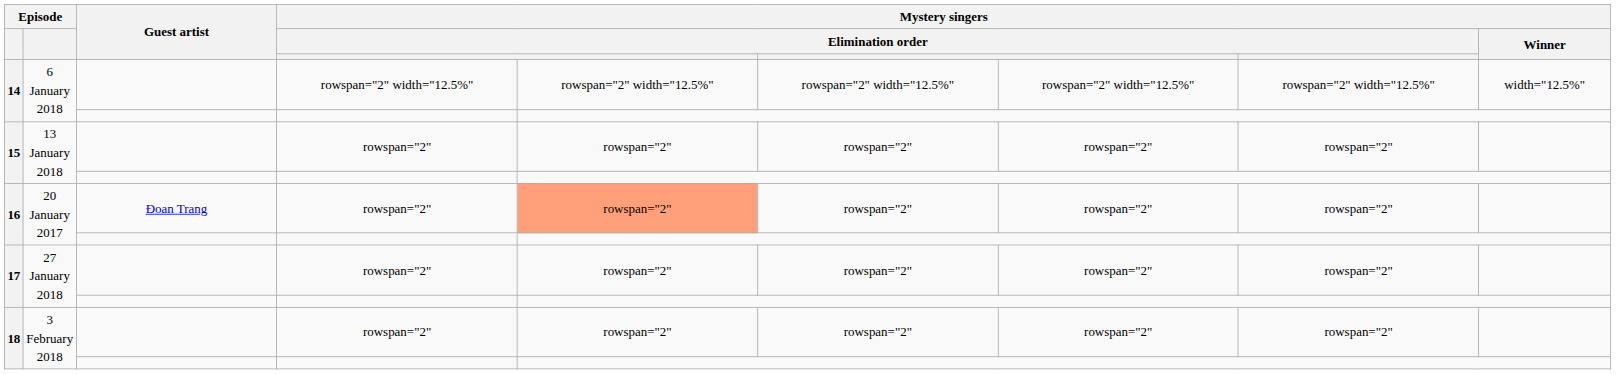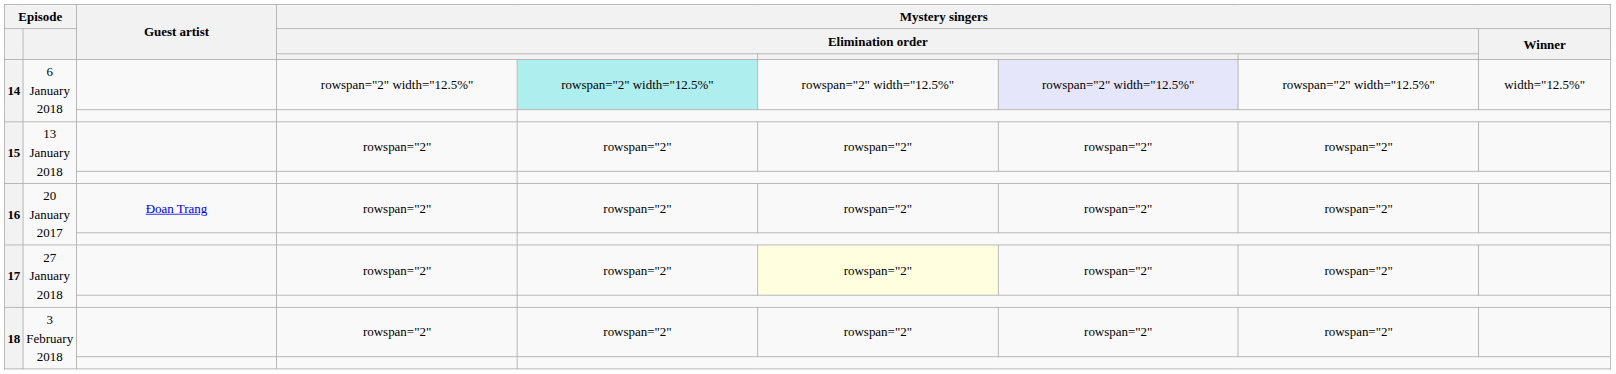 <table class="wikitable plainrowheaders mw-collapsible" style="text-align:center; line-height:23px; width:100%;">
 <tr>
 <th colspan="2" width="1%">Episode</th>
 <th rowspan="3" width="12.5%">Guest artist</th>
 <th colspan="6">Mystery singers<br></th>
 </tr>
 <tr>
 <th rowspan="2"></th>
 <th rowspan="2"></th>
 <th colspan="5">Elimination order</th>
 <th rowspan="2">Winner</th>
 </tr>
 <tr>
 <th colspan="2"></th>
 <th colspan="2"></th>
 <th></th>
 </tr>
 <tr>
 <th rowspan="2">14</th>
 <td rowspan="2">6 January 2018</td>
 <td></td>
 <td>rowspan="2" width="12.5%" </td>
+<td style="background: paleturquoise;">rowspan="2" width="12.5%" </td>
 <td>rowspan="2" width="12.5%" </td>
-<td>rowspan="2" width="12.5%" </td>
-<td>rowspan="2" width="12.5%" </td>
+<td style="background: lavender;">rowspan="2" width="12.5%" </td>
 <td>rowspan="2" width="12.5%" </td>
 <td>width="12.5%" </td>
 </tr>
 <tr>
 <td></td>
 <td></td>
 </tr>
 <tr>
 <th rowspan="2">15</th>
 <td rowspan="2">13 January 2018</td>
 <td></td>
 <td>rowspan="2" </td>
 <td>rowspan="2" </td>
 <td>rowspan="2" </td>
 <td>rowspan="2" </td>
 <td>rowspan="2" </td>
 <td></td>
 </tr>
 <tr>
 <td></td>
 <td></td>
 </tr>
 <tr>
 <th rowspan="2">16</th>
 <td rowspan="2">20 January 2017</td>
 <td><a href='#'>Đoan Trang</a></td>
 <td>rowspan="2" </td>
-<td style="background: lightsalmon;">rowspan="2" </td>
+<td>rowspan="2" </td>
 <td>rowspan="2" </td>
 <td>rowspan="2" </td>
 <td>rowspan="2" </td>
 <td></td>
 </tr>
 <tr>
 <td></td>
 <td></td>
 </tr>
 <tr>
 <th rowspan="2">17</th>
 <td rowspan="2">27 January 2018</td>
 <td></td>
 <td>rowspan="2" </td>
 <td>rowspan="2" </td>
-<td>rowspan="2" </td>
+<td style="background: lightyellow;">rowspan="2" </td>
 <td>rowspan="2" </td>
 <td>rowspan="2" </td>
 <td></td>
 </tr>
 <tr>
 <td></td>
 <td></td>
 </tr>
 <tr>
 <th rowspan="2">18</th>
 <td rowspan="2">3 February 2018</td>
 <td></td>
 <td>rowspan="2" </td>
 <td>rowspan="2" </td>
 <td>rowspan="2" </td>
 <td>rowspan="2" </td>
 <td>rowspan="2" </td>
 <td></td>
 </tr>
 <tr>
 <td></td>
 <td></td>
 </tr>
 </table>
